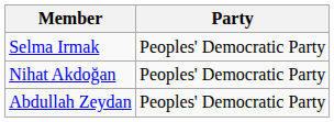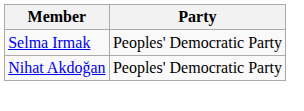 <table class="wikitable">
 <tr>
 <th>Member</th>
 <th>Party</th>
 </tr>
 <tr>
 <td><a href='#'>Selma Irmak</a></td>
 <td style="background:">Peoples' Democratic Party</td>
 </tr>
 <tr>
 <td><a href='#'>Nihat Akdoğan</a></td>
 <td style="background:">Peoples' Democratic Party</td>
 </tr>
 <tr>
-<td><a href='#'>Abdullah Zeydan</a></td>
-<td style="background:">Peoples' Democratic Party</td>
-</tr>
-<tr>
 </tr>
 </table>
